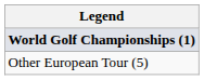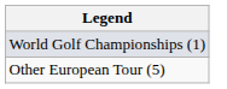 <table class="wikitable" style="font-size:95%;">
 <tr>
 <th>Legend</th>
 </tr>
 <tr style="background:#dfe2e9;">
-<td><strong>World Golf Championships (1)</strong></td>
+<td>World Golf Championships (1)</td>
 </tr>
 <tr>
 <td>Other European Tour (5)</td>
 </tr>
 </table>
